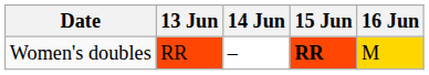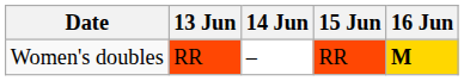 <table class="wikitable olympic-schedule Badminton">
 <tr>
 <th>Date</th>
 <th colspan="2">13 Jun</th>
 <th>14 Jun</th>
 <th>15 Jun</th>
 <th>16 Jun</th>
 </tr>
 <tr>
 <td class="event">Women's doubles</td>
 <td colspan="2" bgcolor="#FF4703" class="Round robin">RR</td>
 <td bgcolor="#FFFFFF" class="Round robin">–</td>
-<td bgcolor="#FF4703" class="Round robin"><strong>RR</strong></td>
-<td bgcolor="gold" class="finals">M</td>
+<td bgcolor="#FF4703" class="Round robin">RR</td>
+<td bgcolor="gold" class="finals"><strong>M</strong></td>
 </tr>
 </table>
